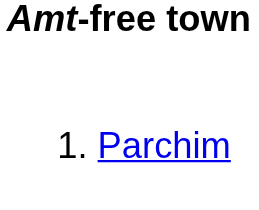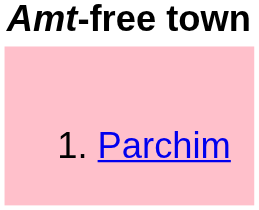 <table>
 <tr ---->
 <th><em>Amt</em>-free town</th>
 </tr>
 <tr>
-<td valign=top><br><ol><li><a href='#'>Parchim</a></li></ol></td>
+<td valign=top style="background: pink;"><br><ol><li><a href='#'>Parchim</a></li></ol></td>
 </tr>
 </table>
